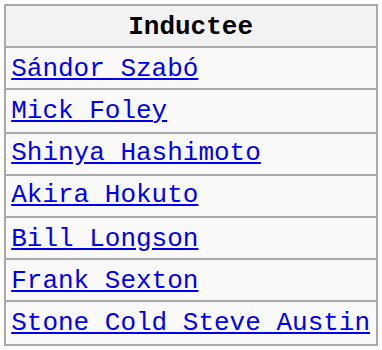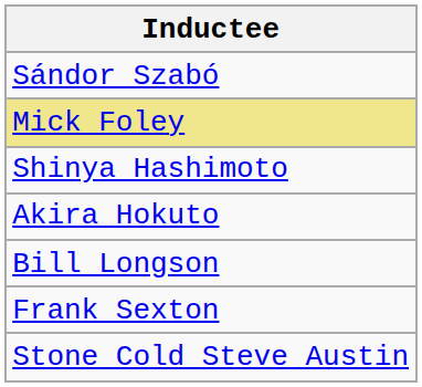 <table class="wikitable">
 <tr>
 <th>Inductee</th>
 </tr>
 <tr>
 <td><a href='#'>Sándor Szabó</a></td>
 </tr>
 <tr>
-<td><a href='#'>Mick Foley</a></td>
+<td style="background: khaki;"><a href='#'>Mick Foley</a></td>
 </tr>
 <tr>
 <td><a href='#'>Shinya Hashimoto</a></td>
 </tr>
 <tr>
 <td><a href='#'>Akira Hokuto</a></td>
 </tr>
 <tr>
 <td><a href='#'>Bill Longson</a></td>
 </tr>
 <tr>
 <td><a href='#'>Frank Sexton</a></td>
 </tr>
 <tr>
 <td><a href='#'>Stone Cold Steve Austin</a></td>
 </tr>
 <tr>
 </tr>
 </table>
